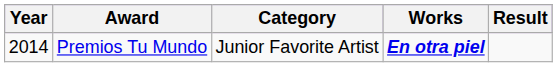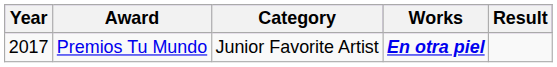 <table class="wikitable plainrowheaders" style="text-align:center;">
 <tr style="background:#96c;">
 <th scope="col">Year</th>
 <th scope="col">Award</th>
 <th scope="col">Category</th>
 <th scope="col">Works</th>
 <th scope="col">Result</th>
 </tr>
 <tr>
-<td scope="row" rowspan="1">2014</td>
+<td scope="row" rowspan="1">2017</td>
 <td rowspan="1"><a href='#'>Premios Tu Mundo</a></td>
 <td scope="row" rowspan="1">Junior Favorite Artist</td>
 <td><strong><em><a href='#'>En otra piel</a></em></strong></td>
 <td></td>
 </tr>
 </table>
